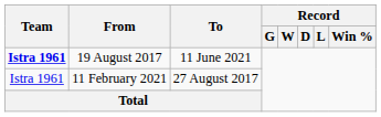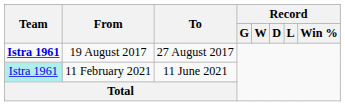 <table class=wikitable style="text-align: center">
 <tr>
 <th rowspan="2">Team</th>
 <th rowspan="2">From</th>
 <th rowspan="2">To</th>
 <th colspan="8">Record</th>
 </tr>
 <tr>
 <th>G</th>
 <th>W</th>
 <th>D</th>
 <th>L</th>
 <th>Win %</th>
 </tr>
 <tr>
 <td><strong><a href='#'>Istra 1961</a></strong></td>
 <td>19 August 2017</td>
-<td>11 June 2021<br></td>
+<td>27 August 2017<br></td>
 </tr>
 <tr>
-<td><a href='#'>Istra 1961</a></td>
+<td style="background: paleturquoise;"><a href='#'>Istra 1961</a></td>
 <td>11 February 2021</td>
-<td>27 August 2017<br></td>
+<td>11 June 2021<br></td>
 </tr>
 <tr>
 <th colspan="3">Total<br></th>
 </tr>
 </table>
